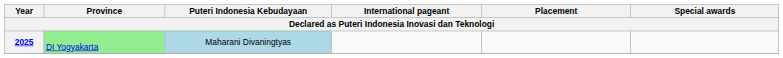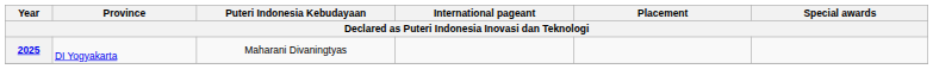 <table class="wikitable" style="font-size: 85%; text-align:center">
 <tr colspan=10 align="center">
 <th width="60">Year</th>
 <th width="200">Province</th>
 <th width="280">Puteri Indonesia Kebudayaan</th>
 <th width="250">International pageant</th>
 <th width="250">Placement</th>
 <th width="250">Special awards</th>
 </tr>
 <tr>
 <th colspan="7">Declared as Puteri Indonesia Inovasi dan Teknologi</th>
 </tr>
 <tr>
 <th><a href='#'>2025</a></th>
-<td align="left" style="background: lightgreen;"><br><a href='#'>DI Yogyakarta</a></td>
-<td style="background: lightblue;">Maharani Divaningtyas</td>
+<td align="left"><br><a href='#'>DI Yogyakarta</a></td>
+<td>Maharani Divaningtyas</td>
 <td></td>
 <td></td>
 <td></td>
 </tr>
 <tr>
 </tr>
 </table>
